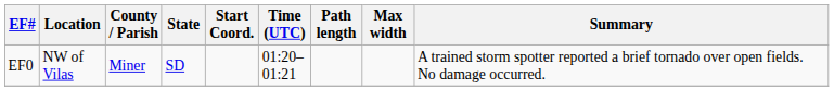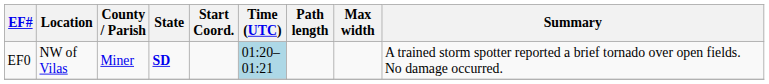 <table class="wikitable sortable" style="width:100%;">
 <tr>
 <th scope="col"  style="width:3%; text-align:center;"><a href='#'>EF#</a></th>
 <th scope="col"  style="width:7%; text-align:center;" class="unsortable">Location</th>
 <th scope="col"  style="width:6%; text-align:center;" class="unsortable">County / Parish</th>
 <th scope="col"  style="width:5%; text-align:center;">State</th>
 <th scope="col"  style="width:6%; text-align:center;">Start Coord.</th>
 <th scope="col"  style="width:6%; text-align:center;">Time (<a href='#'>UTC</a>)</th>
 <th scope="col"  style="width:6%; text-align:center;">Path length</th>
 <th scope="col"  style="width:6%; text-align:center;">Max width</th>
 <th scope="col" class="unsortable" style="width:48%; text-align:center;">Summary</th>
 </tr>
 <tr>
 <td bgcolor=>EF0</td>
 <td>NW of <a href='#'>Vilas</a></td>
 <td><a href='#'>Miner</a></td>
-<td><a href='#'>SD</a></td>
+<td><strong><a href='#'>SD</a></strong></td>
 <td></td>
-<td>01:20–01:21</td>
+<td style="background: lightblue;">01:20–01:21</td>
 <td></td>
 <td></td>
 <td>A trained storm spotter reported a brief tornado over open fields. No damage occurred.</td>
 </tr>
 <tr>
 </tr>
 </table>
